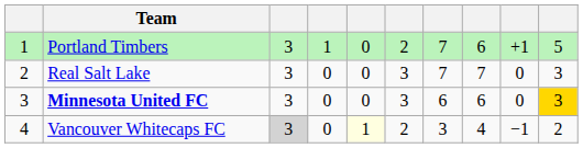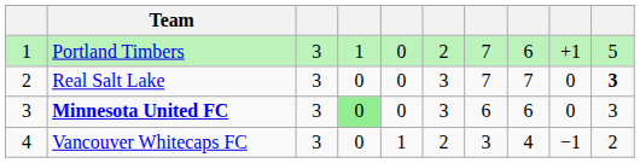 <table class="wikitable" style="text-align: center;">
 <tr>
 <th style="width:28px;"></th>
 <th style="width:200px;">Team</th>
 <th width="28"></th>
 <th width="28"></th>
 <th width="28"></th>
 <th width="28"></th>
 <th width="28"></th>
 <th width="28"></th>
 <th width="28"></th>
 <th width="28"></th>
 </tr>
 <tr bgcolor="#bbf3bb">
 <td>1</td>
 <td style="text-align:left;"> <a href='#'>Portland Timbers</a></td>
 <td>3</td>
 <td>1</td>
 <td>0</td>
 <td>2</td>
 <td>7</td>
 <td>6</td>
 <td>+1</td>
 <td>5</td>
 </tr>
 <tr>
 <td>2</td>
 <td style="text-align:left;"> <a href='#'>Real Salt Lake</a></td>
 <td>3</td>
 <td>0</td>
 <td>0</td>
 <td>3</td>
 <td>7</td>
 <td>7</td>
 <td>0</td>
-<td>3</td>
+<td><strong>3</strong></td>
 </tr>
 <tr>
 <td>3</td>
 <td style="text-align:left;"> <strong><a href='#'>Minnesota United FC</a></strong></td>
 <td>3</td>
-<td>0</td>
+<td style="background: lightgreen;">0</td>
 <td>0</td>
 <td>3</td>
 <td>6</td>
 <td>6</td>
 <td>0</td>
-<td style="background: gold;">3</td>
+<td>3</td>
 </tr>
 <tr>
 <td>4</td>
 <td style="text-align:left;"> <a href='#'>Vancouver Whitecaps FC</a></td>
-<td style="background: lightgrey;">3</td>
+<td>3</td>
 <td>0</td>
-<td style="background: lightyellow;">1</td>
+<td>1</td>
 <td>2</td>
 <td>3</td>
 <td>4</td>
 <td>−1</td>
 <td>2</td>
 </tr>
 </table>
